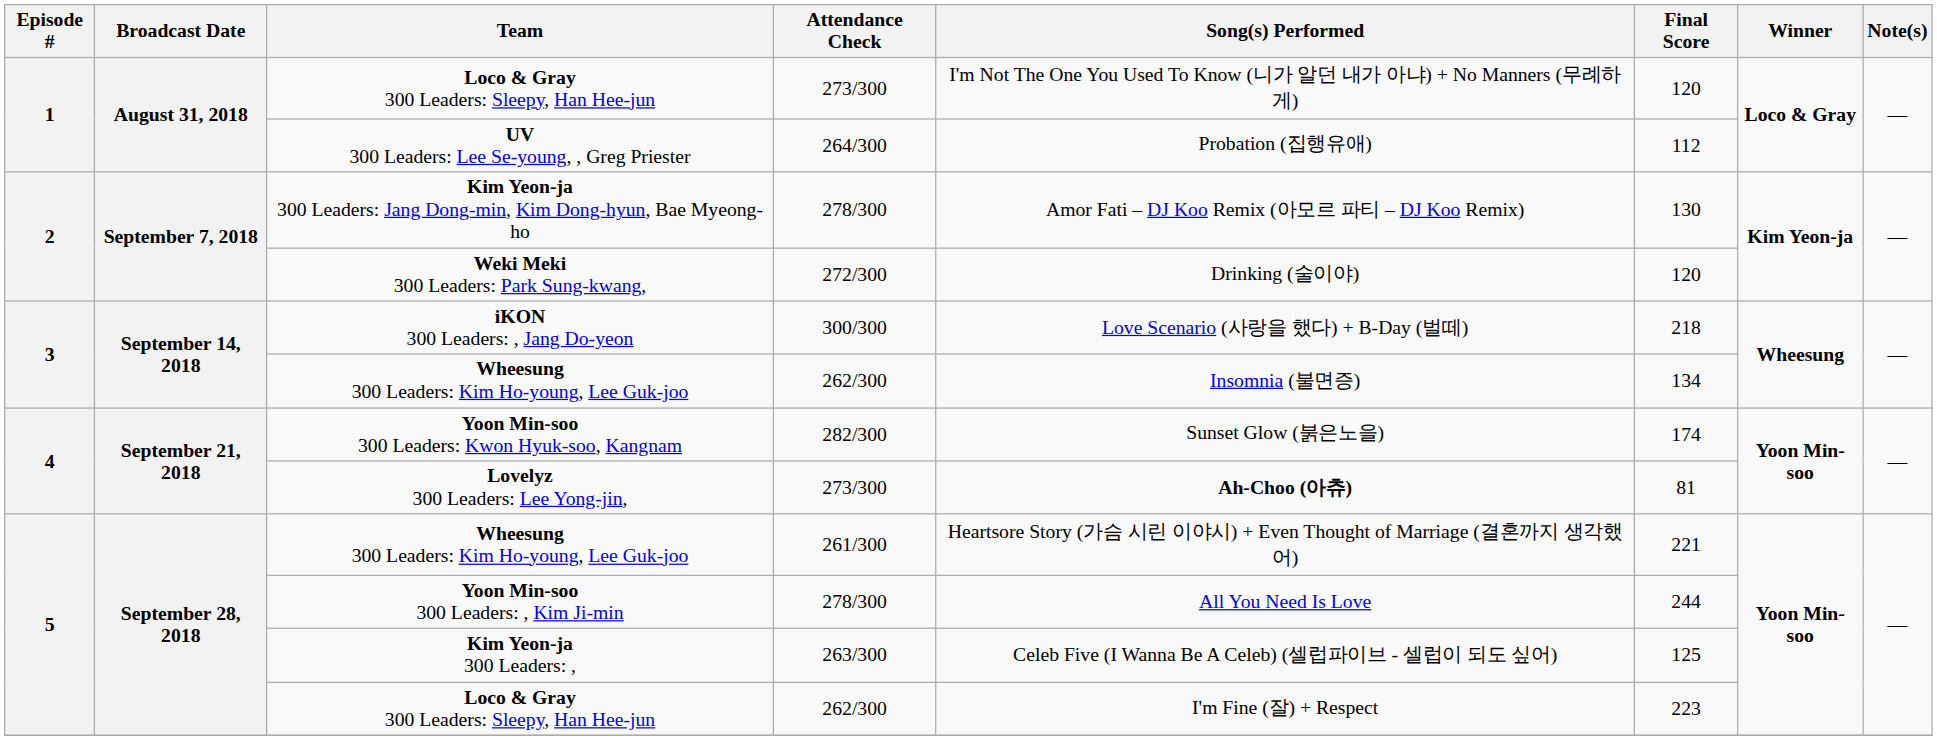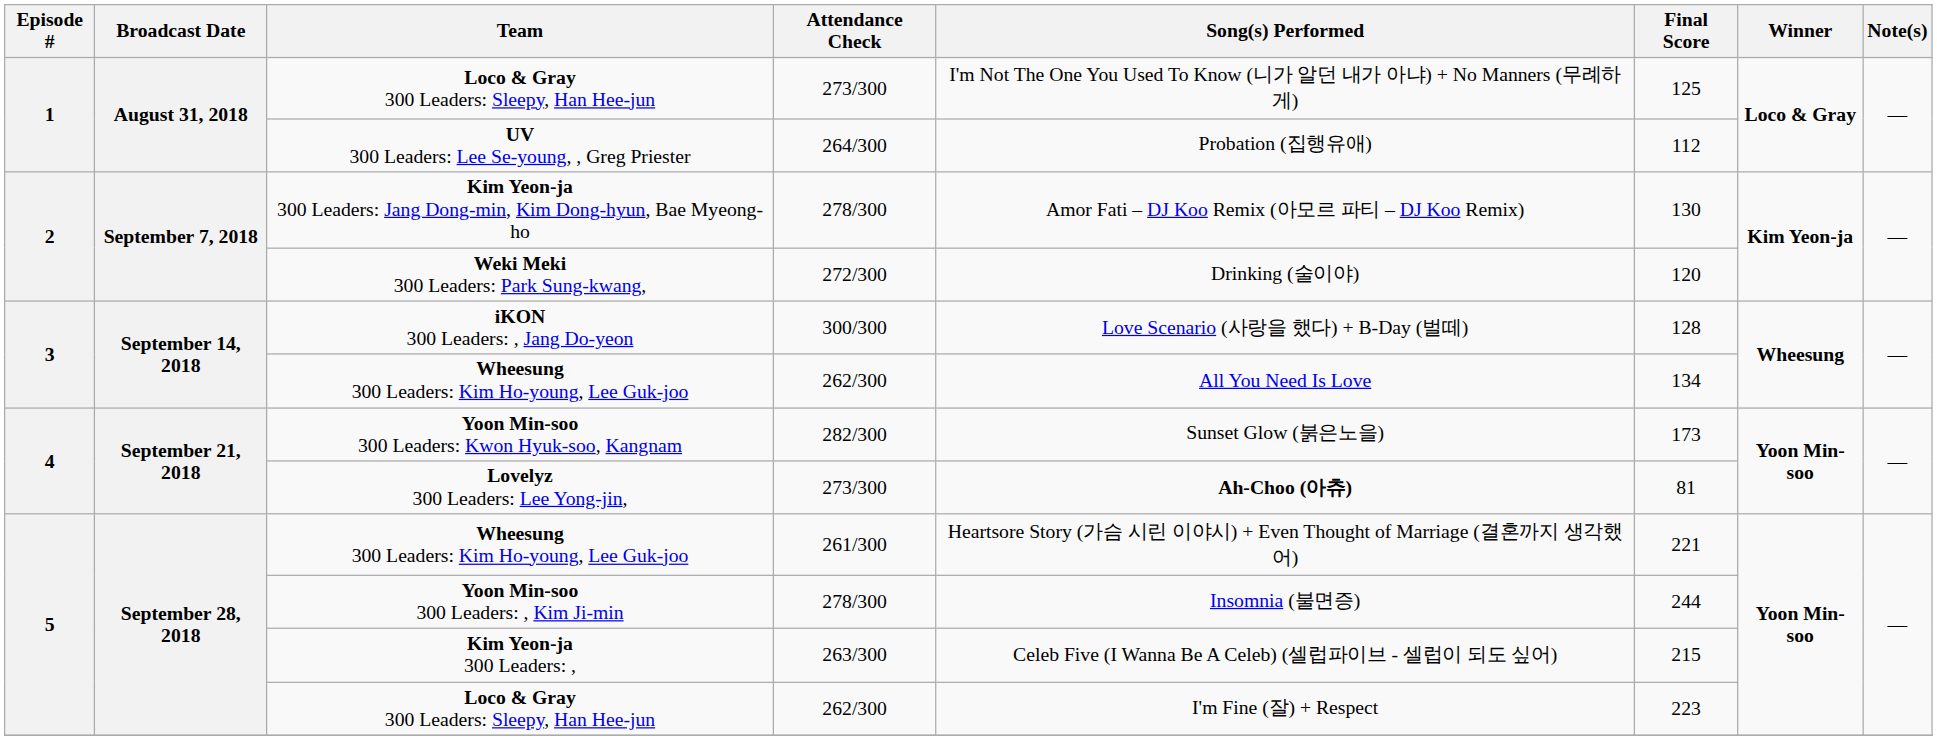 <table Class="wikitable sortable" style="text-align:center">
 <tr>
 <th>Episode #</th>
 <th>Broadcast Date</th>
 <th>Team</th>
 <th>Attendance Check</th>
 <th>Song(s) Performed</th>
 <th>Final Score</th>
 <th>Winner</th>
 <th>Note(s)</th>
 </tr>
 <tr>
 <th rowspan="2">1</th>
 <th rowspan="2">August 31, 2018</th>
 <td><strong>Loco & Gray</strong><br>300 Leaders: <a href='#'>Sleepy</a>, <a href='#'>Han Hee-jun</a></td>
 <td>273/300</td>
 <td>I'm Not The One You Used To Know (니가 알던 내가 아냐) + No Manners (무례하게)</td>
-<td>120</td>
+<td>125</td>
 <td rowspan="2"><strong>Loco & Gray</strong></td>
 <td rowspan="2">—</td>
 </tr>
 <tr>
 <td><strong>UV</strong><br>300 Leaders: <a href='#'>Lee Se-young</a>, , Greg Priester</td>
 <td>264/300</td>
 <td>Probation (집행유애)</td>
 <td>112</td>
 </tr>
 <tr>
 <th rowspan=2>2</th>
 <th rowspan=2>September 7, 2018</th>
 <td><strong>Kim Yeon-ja</strong><br>300 Leaders: <a href='#'>Jang Dong-min</a>, <a href='#'>Kim Dong-hyun</a>, Bae Myeong-ho</td>
 <td>278/300</td>
 <td>Amor Fati – <a href='#'>DJ Koo</a> Remix (아모르 파티 – <a href='#'>DJ Koo</a> Remix)</td>
 <td>130</td>
 <td rowspan="2"><strong>Kim Yeon-ja</strong></td>
 <td rowspan="2">—</td>
 </tr>
 <tr>
 <td><strong>Weki Meki</strong><br>300 Leaders: <a href='#'>Park Sung-kwang</a>, </td>
 <td>272/300</td>
 <td>Drinking (술이야)</td>
 <td>120</td>
 </tr>
 <tr>
 <th rowspan=2>3</th>
 <th rowspan=2>September 14, 2018</th>
 <td><strong>iKON</strong><br>300 Leaders: , <a href='#'>Jang Do-yeon</a></td>
 <td>300/300</td>
 <td><a href='#'>Love Scenario</a> (사랑을 했다) + B-Day (벌떼)</td>
-<td>218</td>
+<td>128</td>
 <td rowspan=2><strong>Wheesung</strong></td>
 <td rowspan=2>—</td>
 </tr>
 <tr>
 <td><strong>Wheesung</strong><br>300 Leaders: <a href='#'>Kim Ho-young</a>, <a href='#'>Lee Guk-joo</a></td>
 <td>262/300</td>
-<td><a href='#'>Insomnia</a> (불면증)</td>
+<td><a href='#'>All You Need Is Love</a></td>
 <td>134</td>
 </tr>
 <tr>
 <th rowspan=2>4</th>
 <th rowspan=2>September 21, 2018</th>
 <td><strong>Yoon Min-soo</strong><br>300 Leaders: <a href='#'>Kwon Hyuk-soo</a>, <a href='#'>Kangnam</a></td>
 <td>282/300</td>
 <td>Sunset Glow (붉은노을)</td>
-<td>174</td>
+<td>173</td>
 <td rowspan=2><strong>Yoon Min-soo</strong></td>
 <td rowspan=2>—</td>
 </tr>
 <tr>
 <td><strong>Lovelyz</strong><br>300 Leaders: <a href='#'>Lee Yong-jin</a>, </td>
 <td>273/300</td>
 <td><strong>Ah-Choo (아츄)</strong></td>
 <td>81</td>
 </tr>
 <tr>
 <th rowspan=4>5</th>
 <th rowspan=4>September 28, 2018</th>
 <td><strong>Wheesung</strong><br>300 Leaders: <a href='#'>Kim Ho-young</a>, <a href='#'>Lee Guk-joo</a></td>
 <td>261/300</td>
 <td>Heartsore Story (가슴 시린 이야시) + Even Thought of Marriage (결혼까지 생각했어)</td>
 <td>221</td>
 <td rowspan=4><strong>Yoon Min-soo</strong></td>
 <td rowspan=4>—</td>
 </tr>
 <tr>
 <td><strong>Yoon Min-soo</strong><br>300 Leaders: , <a href='#'>Kim Ji-min</a></td>
 <td>278/300</td>
-<td><a href='#'>All You Need Is Love</a></td>
+<td><a href='#'>Insomnia</a> (불면증)</td>
 <td>244</td>
 </tr>
 <tr>
 <td><strong>Kim Yeon-ja</strong><br>300 Leaders: , </td>
 <td>263/300</td>
 <td>Celeb Five (I Wanna Be A Celeb) (셀럽파이브 - 셀럽이 되도 싶어)</td>
-<td>125</td>
+<td>215</td>
 </tr>
 <tr>
 <td><strong>Loco & Gray</strong><br>300 Leaders: <a href='#'>Sleepy</a>, <a href='#'>Han Hee-jun</a></td>
 <td>262/300</td>
 <td>I'm Fine (잘) + Respect</td>
 <td>223</td>
 </tr>
 <tr>
 </tr>
 </table>
